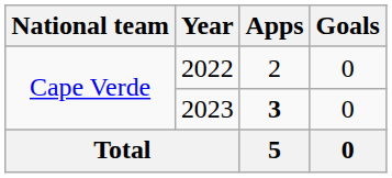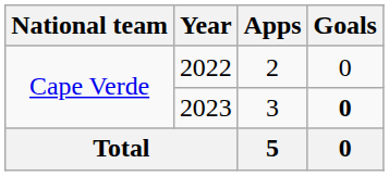 <table class=wikitable style="text-align: center">
 <tr>
 <th>National team</th>
 <th>Year</th>
 <th>Apps</th>
 <th>Goals</th>
 </tr>
 <tr>
 <td rowspan="2"><a href='#'>Cape Verde</a></td>
 <td>2022</td>
 <td>2</td>
 <td>0</td>
 </tr>
 <tr>
 <td>2023</td>
-<td><strong>3</strong></td>
-<td>0</td>
+<td>3</td>
+<td><strong>0</strong></td>
 </tr>
 <tr>
 <th colspan="2">Total</th>
 <th>5</th>
 <th>0</th>
 </tr>
 </table>
